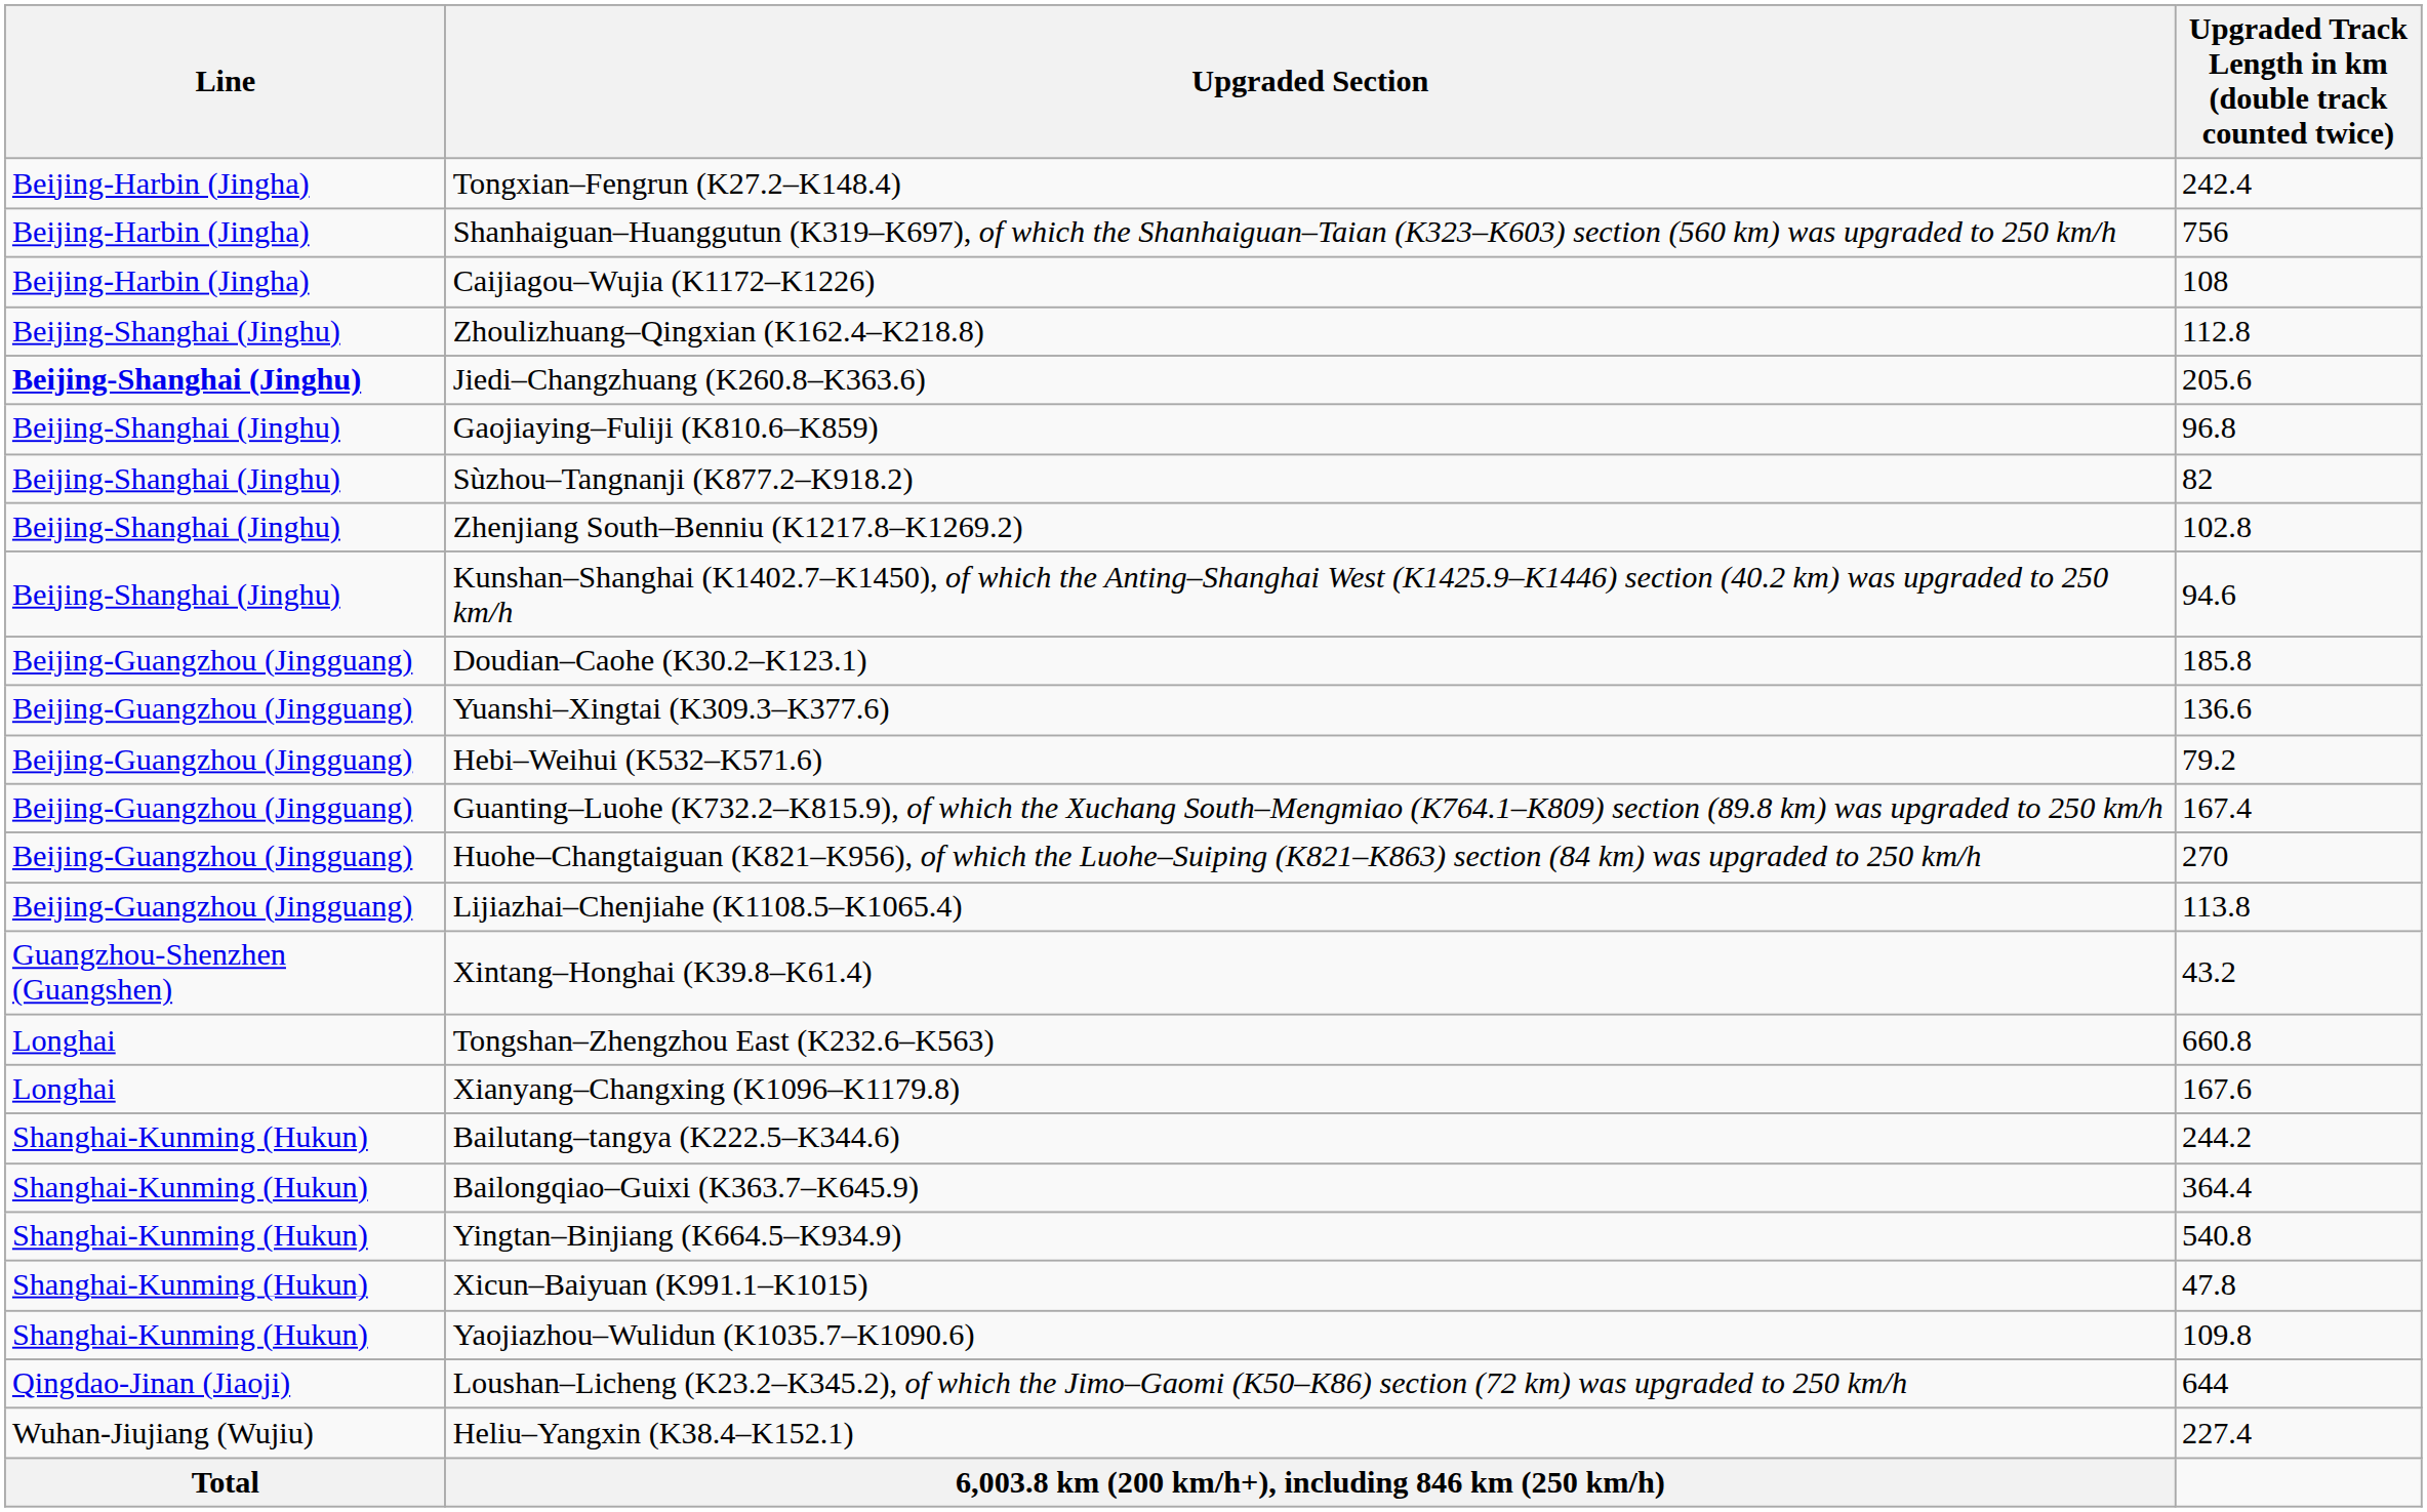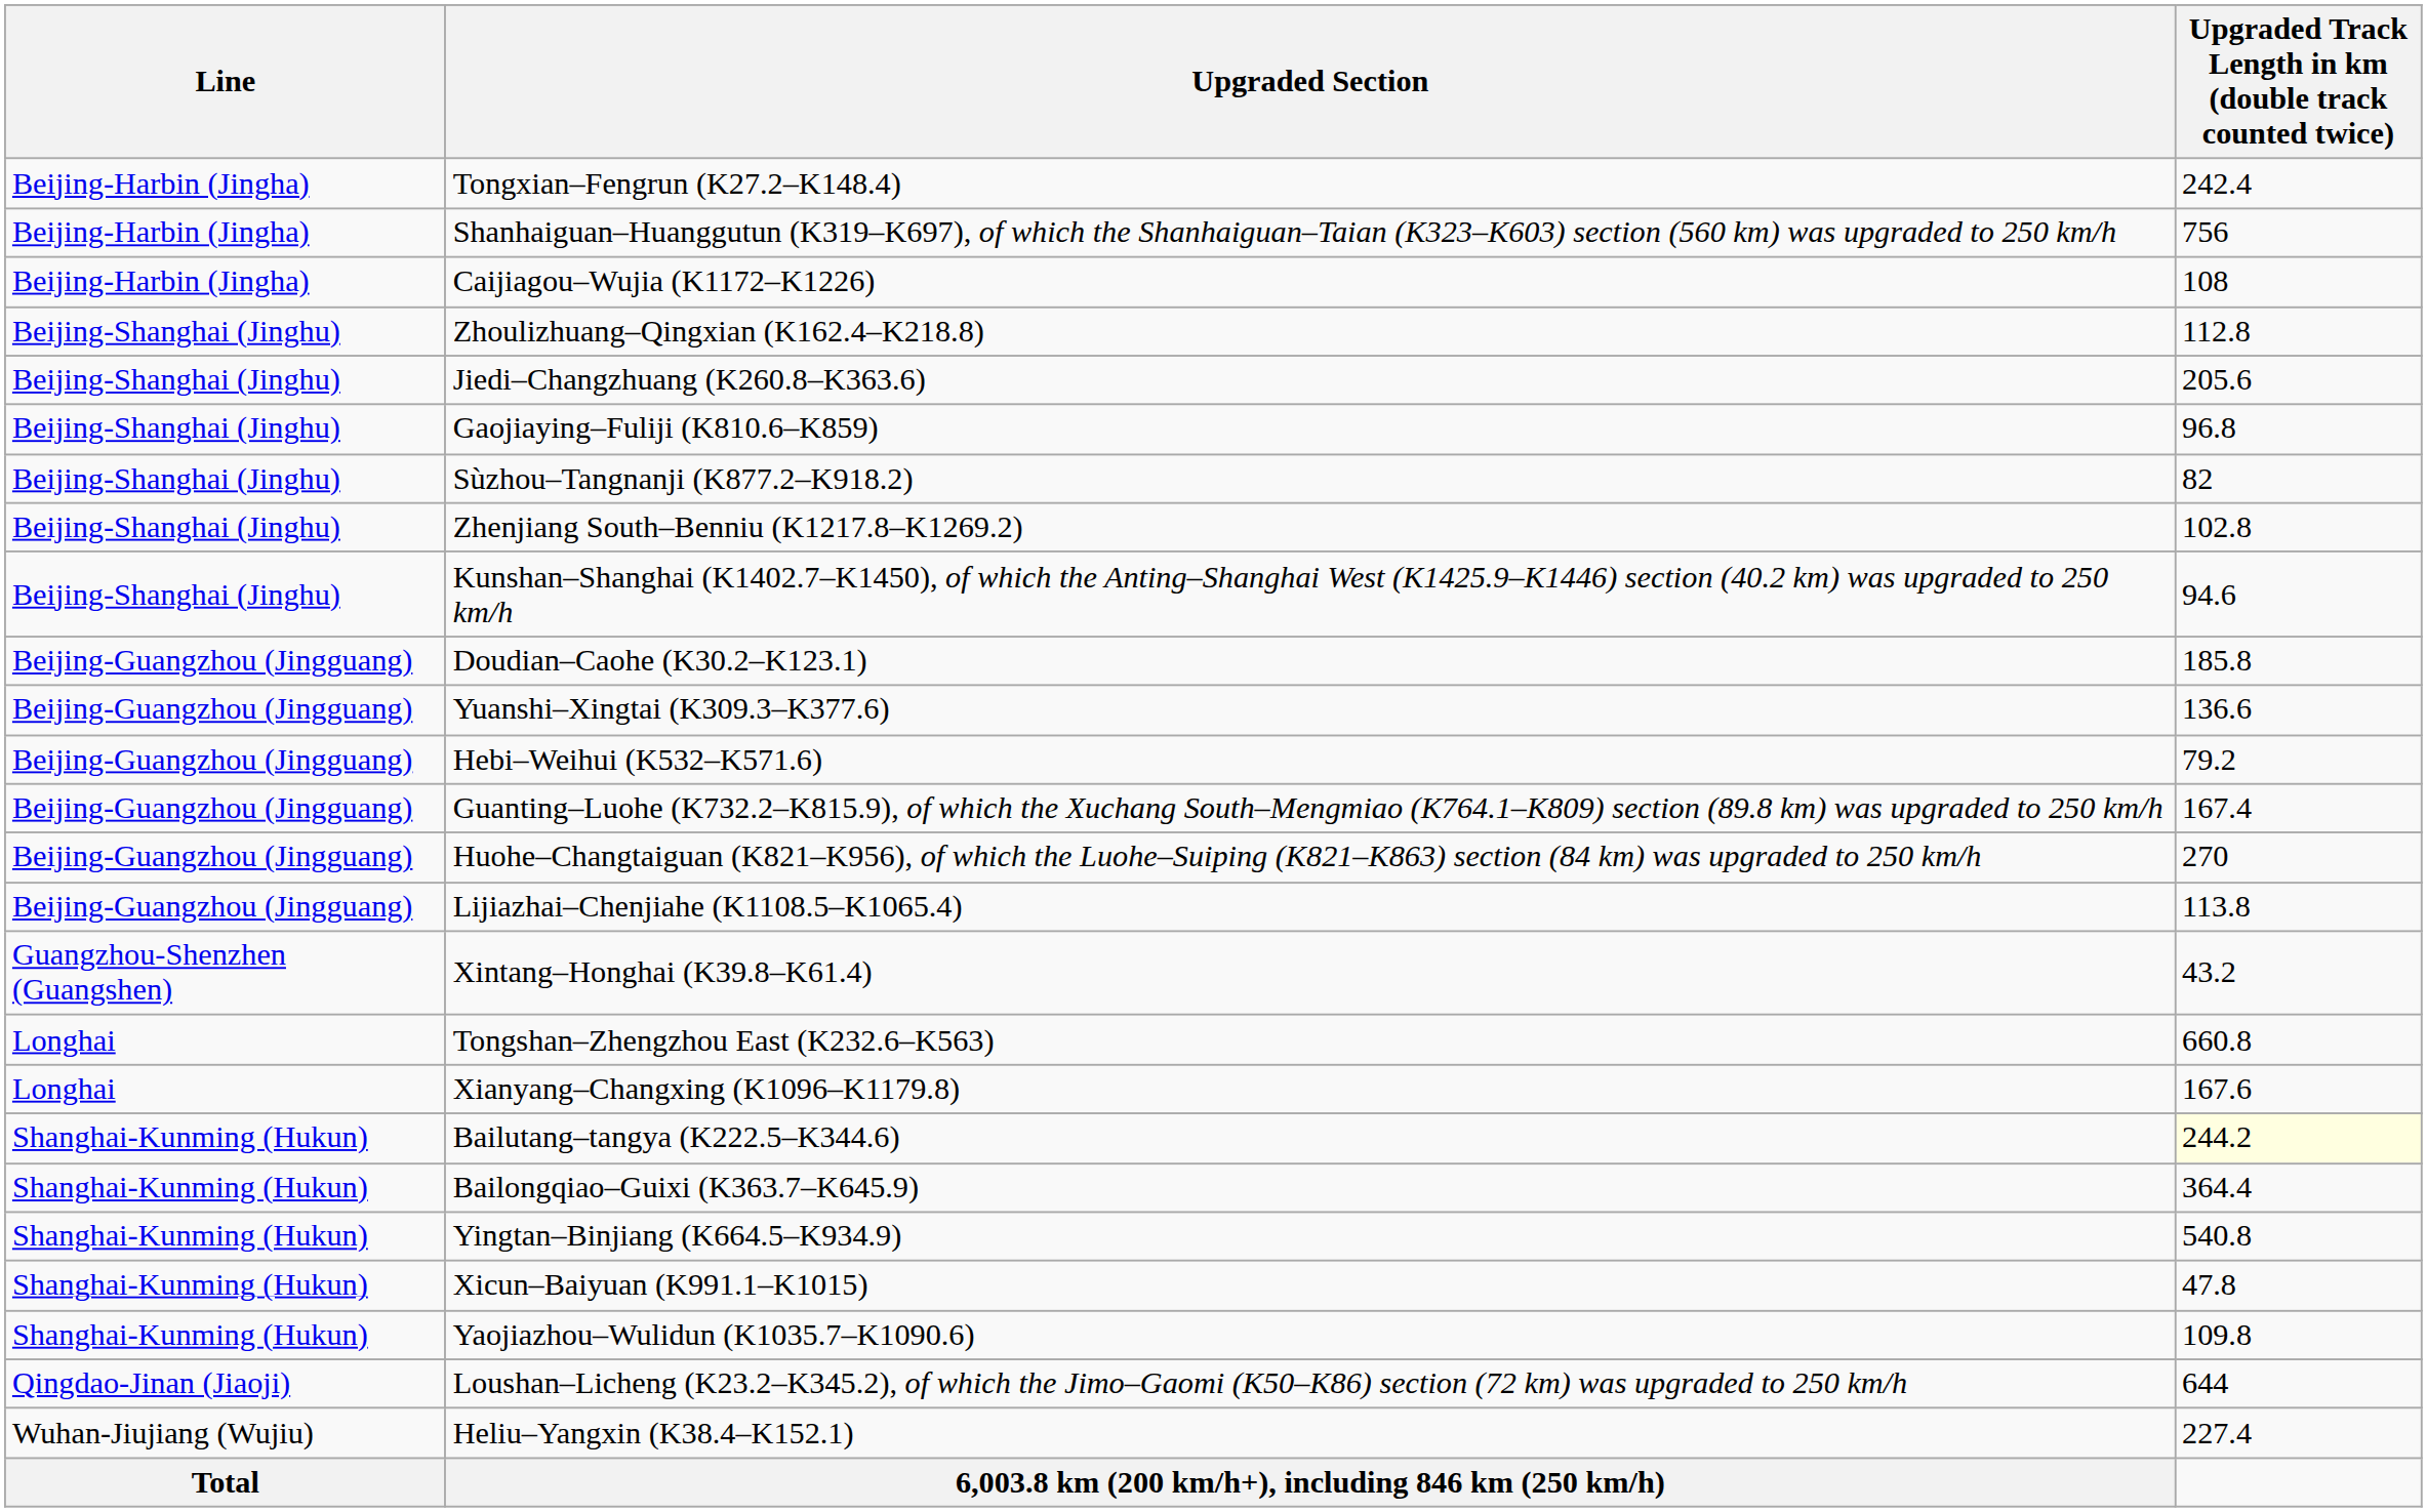 <table class="wikitable sortable" style="font-size:100%;">
 <tr>
 <th width="220">Line</th>
 <th>Upgraded Section</th>
 <th width="120">Upgraded Track Length in km<br>(double track counted twice)</th>
 </tr>
 <tr>
 <td><a href='#'>Beijing-Harbin (Jingha)</a></td>
 <td>Tongxian–Fengrun (K27.2–K148.4)</td>
 <td>242.4</td>
 </tr>
 <tr>
 <td><a href='#'>Beijing-Harbin (Jingha)</a></td>
 <td>Shanhaiguan–Huanggutun (K319–K697), <em>of which the Shanhaiguan–Taian (K323–K603) section (560 km) was upgraded to 250 km/h</em></td>
 <td>756</td>
 </tr>
 <tr>
 <td><a href='#'>Beijing-Harbin (Jingha)</a></td>
 <td>Caijiagou–Wujia (K1172–K1226)</td>
 <td>108</td>
 </tr>
 <tr>
 <td><a href='#'>Beijing-Shanghai (Jinghu)</a></td>
 <td>Zhoulizhuang–Qingxian (K162.4–K218.8)</td>
 <td>112.8</td>
 </tr>
 <tr>
-<td><strong><a href='#'>Beijing-Shanghai (Jinghu)</a></strong></td>
+<td><a href='#'>Beijing-Shanghai (Jinghu)</a></td>
 <td>Jiedi–Changzhuang (K260.8–K363.6)</td>
 <td>205.6</td>
 </tr>
 <tr>
 <td><a href='#'>Beijing-Shanghai (Jinghu)</a></td>
 <td>Gaojiaying–Fuliji (K810.6–K859)</td>
 <td>96.8</td>
 </tr>
 <tr>
 <td><a href='#'>Beijing-Shanghai (Jinghu)</a></td>
 <td>Sùzhou–Tangnanji (K877.2–K918.2)</td>
 <td>82</td>
 </tr>
 <tr>
 <td><a href='#'>Beijing-Shanghai (Jinghu)</a></td>
 <td>Zhenjiang South–Benniu (K1217.8–K1269.2)</td>
 <td>102.8</td>
 </tr>
 <tr>
 <td><a href='#'>Beijing-Shanghai (Jinghu)</a></td>
 <td>Kunshan–Shanghai (K1402.7–K1450), <em>of which the Anting–Shanghai West (K1425.9–K1446) section (40.2 km) was upgraded to 250 km/h</em></td>
 <td>94.6</td>
 </tr>
 <tr>
 <td><a href='#'>Beijing-Guangzhou (Jingguang)</a></td>
 <td>Doudian–Caohe (K30.2–K123.1)</td>
 <td>185.8</td>
 </tr>
 <tr>
 <td><a href='#'>Beijing-Guangzhou (Jingguang)</a></td>
 <td>Yuanshi–Xingtai (K309.3–K377.6)</td>
 <td>136.6</td>
 </tr>
 <tr>
 <td><a href='#'>Beijing-Guangzhou (Jingguang)</a></td>
 <td>Hebi–Weihui (K532–K571.6)</td>
 <td>79.2</td>
 </tr>
 <tr>
 <td><a href='#'>Beijing-Guangzhou (Jingguang)</a></td>
 <td>Guanting–Luohe (K732.2–K815.9), <em>of which the Xuchang South–Mengmiao (K764.1–K809) section (89.8 km) was upgraded to 250 km/h</em></td>
 <td>167.4</td>
 </tr>
 <tr>
 <td><a href='#'>Beijing-Guangzhou (Jingguang)</a></td>
 <td>Huohe–Changtaiguan (K821–K956), <em>of which the Luohe–Suiping (K821–K863) section (84 km) was upgraded to 250 km/h</em></td>
 <td>270</td>
 </tr>
 <tr>
 <td><a href='#'>Beijing-Guangzhou (Jingguang)</a></td>
 <td>Lijiazhai–Chenjiahe (K1108.5–K1065.4)</td>
 <td>113.8</td>
 </tr>
 <tr>
 <td><a href='#'>Guangzhou-Shenzhen (Guangshen)</a></td>
 <td>Xintang–Honghai (K39.8–K61.4)</td>
 <td>43.2</td>
 </tr>
 <tr>
 <td><a href='#'>Longhai</a></td>
 <td>Tongshan–Zhengzhou East (K232.6–K563)</td>
 <td>660.8</td>
 </tr>
 <tr>
 <td><a href='#'>Longhai</a></td>
 <td>Xianyang–Changxing (K1096–K1179.8)</td>
 <td>167.6</td>
 </tr>
 <tr>
 <td><a href='#'>Shanghai-Kunming (Hukun)</a></td>
 <td>Bailutang–tangya (K222.5–K344.6)</td>
-<td>244.2</td>
+<td style="background: lightyellow;">244.2</td>
 </tr>
 <tr>
 <td><a href='#'>Shanghai-Kunming (Hukun)</a></td>
 <td>Bailongqiao–Guixi (K363.7–K645.9)</td>
 <td>364.4</td>
 </tr>
 <tr>
 <td><a href='#'>Shanghai-Kunming (Hukun)</a></td>
 <td>Yingtan–Binjiang (K664.5–K934.9)</td>
 <td>540.8</td>
 </tr>
 <tr>
 <td><a href='#'>Shanghai-Kunming (Hukun)</a></td>
 <td>Xicun–Baiyuan (K991.1–K1015)</td>
 <td>47.8</td>
 </tr>
 <tr>
 <td><a href='#'>Shanghai-Kunming (Hukun)</a></td>
 <td>Yaojiazhou–Wulidun (K1035.7–K1090.6)</td>
 <td>109.8</td>
 </tr>
 <tr>
 <td><a href='#'>Qingdao-Jinan (Jiaoji)</a></td>
 <td>Loushan–Licheng (K23.2–K345.2), <em>of which the Jimo–Gaomi (K50–K86) section (72 km) was upgraded to 250 km/h</em></td>
 <td>644</td>
 </tr>
 <tr>
 <td>Wuhan-Jiujiang (Wujiu)</td>
 <td>Heliu–Yangxin (K38.4–K152.1)</td>
 <td>227.4</td>
 </tr>
 <tr>
 <th>Total</th>
 <th>6,003.8 km (200 km/h+), including 846 km (250 km/h)</th>
 </tr>
 </table>
